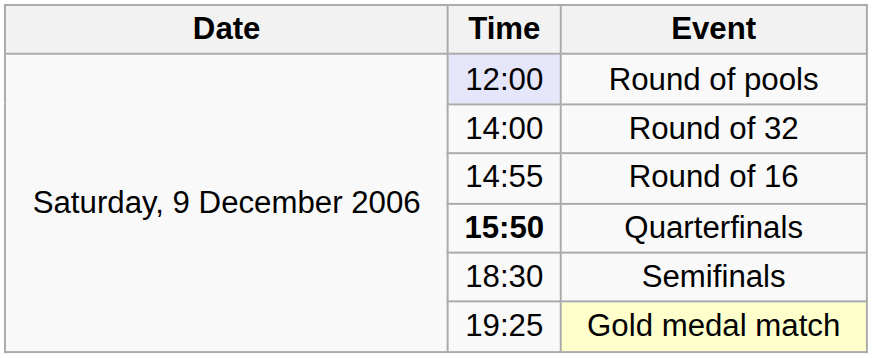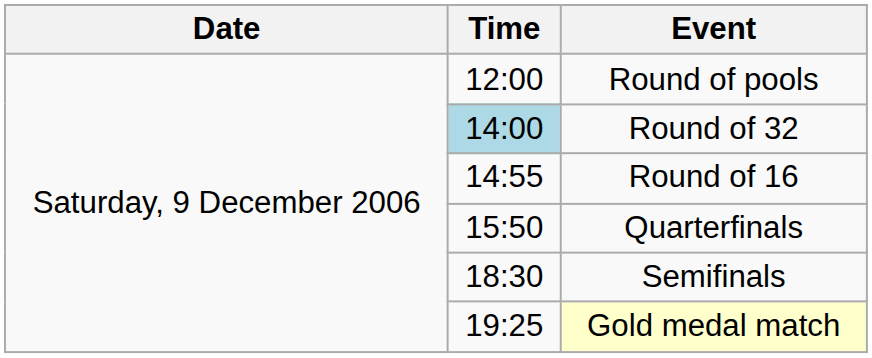 <table class = "wikitable" style="text-align:center;">
 <tr>
 <th width=220>Date</th>
 <th width=50>Time</th>
 <th width=150>Event</th>
 </tr>
 <tr>
 <td rowspan=6>Saturday, 9 December 2006</td>
-<td style="background: lavender;">12:00</td>
+<td>12:00</td>
 <td>Round of pools</td>
 </tr>
 <tr>
-<td>14:00</td>
+<td style="background: lightblue;">14:00</td>
 <td>Round of 32</td>
 </tr>
 <tr>
 <td>14:55</td>
 <td>Round of 16</td>
 </tr>
 <tr>
-<td><strong>15:50</strong></td>
+<td>15:50</td>
 <td>Quarterfinals</td>
 </tr>
 <tr>
 <td>18:30</td>
 <td>Semifinals</td>
 </tr>
 <tr>
 <td>19:25</td>
 <td bgcolor=ffffcc>Gold medal match</td>
 </tr>
 </table>
